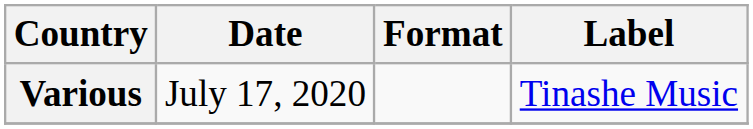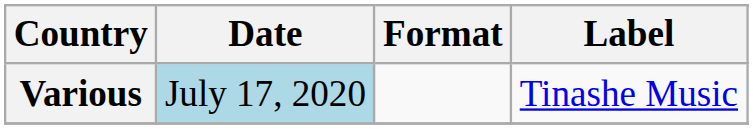 <table class="wikitable plainrowheaders">
 <tr>
 <th scope="col">Country</th>
 <th scope="col">Date</th>
 <th scope="col">Format</th>
 <th scope="col">Label</th>
 </tr>
 <tr>
 <th scope="row">Various</th>
-<td>July 17, 2020</td>
+<td style="background: lightblue;">July 17, 2020</td>
 <td></td>
 <td><a href='#'>Tinashe Music</a><br></td>
 </tr>
 <tr>
 </tr>
 </table>
